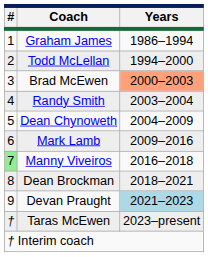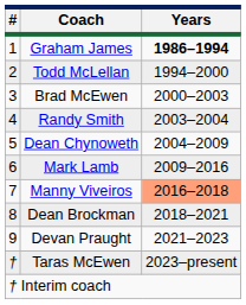 <table class="wikitable">
 <tr style="border-top:#061F5C 5px solid; border-bottom:#166936 5px solid;">
 <th>#</th>
 <th>Coach</th>
 <th>Years</th>
 </tr>
 <tr style="text-align:center;">
 <td>1</td>
 <td><a href='#'>Graham James</a></td>
-<td>1986–1994</td>
+<td><strong>1986–1994</strong></td>
 </tr>
 <tr style="text-align:center;" bgcolor="#eeeeee">
 <td>2</td>
 <td><a href='#'>Todd McLellan</a></td>
 <td>1994–2000</td>
 </tr>
 <tr style="text-align:center;">
 <td>3</td>
 <td>Brad McEwen</td>
-<td style="background: lightsalmon;">2000–2003</td>
+<td>2000–2003</td>
 </tr>
 <tr style="text-align:center;" bgcolor="#eeeeee">
 <td>4</td>
 <td><a href='#'>Randy Smith</a></td>
 <td>2003–2004</td>
 </tr>
 <tr style="text-align:center;">
 <td>5</td>
 <td><a href='#'>Dean Chynoweth</a></td>
 <td>2004–2009</td>
 </tr>
 <tr style="text-align:center;" bgcolor="#eeeeee">
 <td>6</td>
 <td><a href='#'>Mark Lamb</a></td>
 <td>2009–2016</td>
 </tr>
 <tr style="text-align:center;">
-<td style="background: lightgreen;">7</td>
+<td>7</td>
 <td><a href='#'>Manny Viveiros</a></td>
-<td>2016–2018</td>
+<td style="background: lightsalmon;">2016–2018</td>
 </tr>
 <tr style="text-align:center;" bgcolor="#eeeeee">
 <td>8</td>
 <td>Dean Brockman</td>
 <td>2018–2021</td>
 </tr>
 <tr style="text-align:center;">
 <td>9</td>
 <td>Devan Praught</td>
-<td style="background: lightblue;">2021–2023</td>
+<td>2021–2023</td>
 </tr>
 <tr style="text-align:center;" bgcolor="#eeeeee">
 <td><em>†</em></td>
 <td>Taras McEwen</td>
 <td>2023–present</td>
 </tr>
 <tr>
 <td colspan="3"><em>†</em> Interim coach</td>
 </tr>
 </table>
